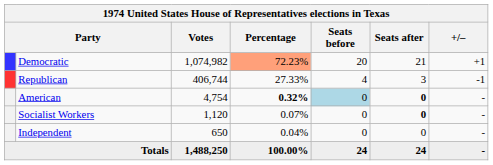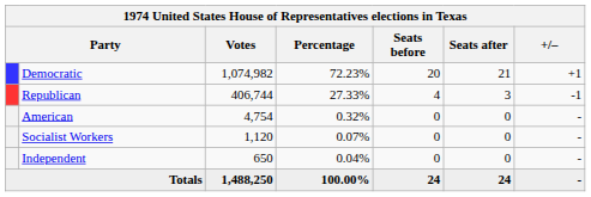 <table class="wikitable" style="font-size: 95%;">
 <tr>
 <th colspan="7">1974 United States House of Representatives elections in Texas</th>
 </tr>
 <tr>
 <th colspan="2" style="width: 15em">Party</th>
 <th style="width: 5em">Votes</th>
 <th style="width: 7em">Percentage</th>
 <th style="width: 5em">Seats before</th>
 <th style="width: 5em">Seats after</th>
 <th style="width: 5em">+/–</th>
 </tr>
 <tr>
 <th style="background-color:#3333FF; width: 3px"></th>
 <td style="width: 130px"><a href='#'>Democratic</a></td>
 <td align="right">1,074,982</td>
-<td align="right" style="background: lightsalmon;">72.23%</td>
+<td align="right">72.23%</td>
 <td align="right">20</td>
 <td align="right">21</td>
 <td align="right">+1</td>
 </tr>
 <tr>
 <th style="background-color:#FF3333; width: 3px"></th>
 <td style="width: 130px"><a href='#'>Republican</a></td>
 <td align="right">406,744</td>
 <td align="right">27.33%</td>
 <td align="right">4</td>
 <td align="right">3</td>
 <td align="right">-1</td>
 </tr>
 <tr>
 <th style="background-color:"></th>
 <td style="width: 130px"><a href='#'>American</a></td>
 <td align="right">4,754</td>
-<td align="right"><strong>0.32%</strong></td>
-<td align="right" style="background: lightblue;">0</td>
-<td align="right"><strong>0</strong></td>
+<td align="right">0.32%</td>
+<td align="right">0</td>
+<td align="right">0</td>
 <td align="right">-</td>
 </tr>
 <tr>
 <th style="background-color:"></th>
 <td style="width: 130px"><a href='#'>Socialist Workers</a></td>
 <td align="right">1,120</td>
 <td align="right">0.07%</td>
 <td align="right">0</td>
-<td align="right"><strong>0</strong></td>
+<td align="right">0</td>
 <td align="right">-</td>
 </tr>
 <tr>
 <th style="background-color:"></th>
 <td style="width: 130px"><a href='#'>Independent</a></td>
 <td align="right">650</td>
 <td align="right">0.04%</td>
 <td align="right">0</td>
 <td align="right">0</td>
 <td align="right">-</td>
 </tr>
 <tr bgcolor="#EEEEEE">
 <td colspan="2" align="right"><strong>Totals</strong></td>
 <td align="right"><strong>1,488,250</strong></td>
 <td align="right"><strong>100.00%</strong></td>
 <td align="right"><strong>24</strong></td>
 <td align="right"><strong>24</strong></td>
 <td align="right"><strong>-</strong></td>
 </tr>
 </table>
